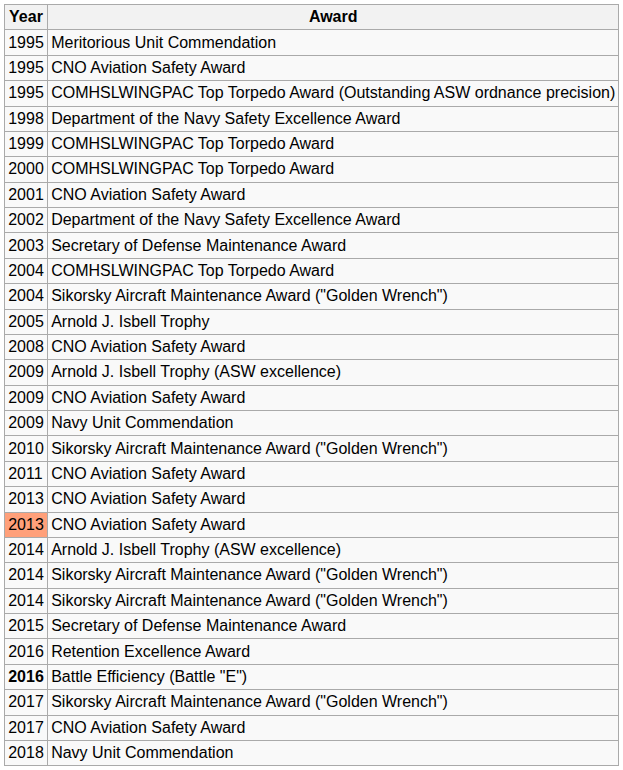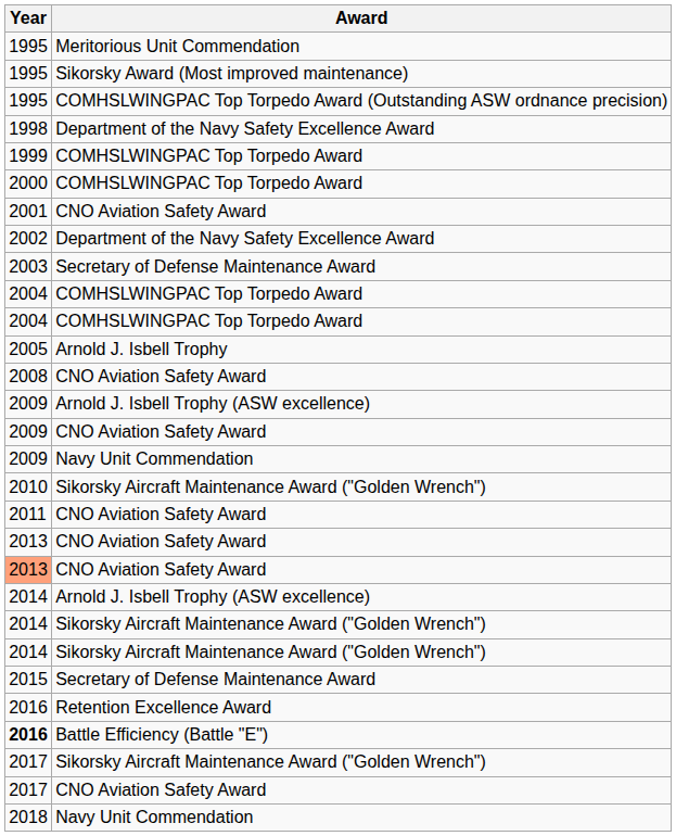 <table class="wikitable">
 <tr>
 <th>Year</th>
 <th>Award</th>
 </tr>
 <tr>
 <td>1995</td>
 <td>Meritorious Unit Commendation</td>
 </tr>
 <tr>
 <td>1995</td>
-<td>CNO Aviation Safety Award</td>
+<td>Sikorsky Award (Most improved maintenance)</td>
 </tr>
 <tr>
 <td>1995</td>
 <td>COMHSLWINGPAC Top Torpedo Award (Outstanding ASW ordnance precision)</td>
 </tr>
 <tr>
 <td>1998</td>
 <td>Department of the Navy Safety Excellence Award</td>
 </tr>
 <tr>
 <td>1999</td>
 <td>COMHSLWINGPAC Top Torpedo Award</td>
 </tr>
 <tr>
 <td>2000</td>
 <td>COMHSLWINGPAC Top Torpedo Award</td>
 </tr>
 <tr>
 <td>2001</td>
 <td>CNO Aviation Safety Award</td>
 </tr>
 <tr>
 <td>2002</td>
 <td>Department of the Navy Safety Excellence Award</td>
 </tr>
 <tr>
 <td>2003</td>
 <td>Secretary of Defense Maintenance Award</td>
 </tr>
 <tr>
 <td>2004</td>
 <td>COMHSLWINGPAC Top Torpedo Award</td>
 </tr>
 <tr>
 <td>2004</td>
-<td>Sikorsky Aircraft Maintenance Award ("Golden Wrench")</td>
+<td>COMHSLWINGPAC Top Torpedo Award</td>
 </tr>
 <tr>
 <td>2005</td>
 <td>Arnold J. Isbell Trophy</td>
 </tr>
 <tr>
 <td>2008</td>
 <td>CNO Aviation Safety Award</td>
 </tr>
 <tr>
 <td>2009</td>
 <td>Arnold J. Isbell Trophy (ASW excellence)</td>
 </tr>
 <tr>
 <td>2009</td>
 <td>CNO Aviation Safety Award</td>
 </tr>
 <tr>
 <td>2009</td>
 <td>Navy Unit Commendation</td>
 </tr>
 <tr>
 <td>2010</td>
 <td>Sikorsky Aircraft Maintenance Award ("Golden Wrench")</td>
 </tr>
 <tr>
 <td>2011</td>
 <td>CNO Aviation Safety Award</td>
 </tr>
 <tr>
 <td>2013</td>
 <td>CNO Aviation Safety Award</td>
 </tr>
 <tr>
 <td style="background: lightsalmon;">2013</td>
 <td>CNO Aviation Safety Award</td>
 </tr>
 <tr>
 <td>2014</td>
 <td>Arnold J. Isbell Trophy (ASW excellence)</td>
 </tr>
 <tr>
 <td>2014</td>
 <td>Sikorsky Aircraft Maintenance Award ("Golden Wrench")</td>
 </tr>
 <tr>
 <td>2014</td>
 <td>Sikorsky Aircraft Maintenance Award ("Golden Wrench")</td>
 </tr>
 <tr>
 <td>2015</td>
 <td>Secretary of Defense Maintenance Award</td>
 </tr>
 <tr>
 <td>2016</td>
 <td>Retention Excellence Award</td>
 </tr>
 <tr>
 <td><strong>2016</strong></td>
 <td>Battle Efficiency (Battle "E")</td>
 </tr>
 <tr>
 <td>2017</td>
 <td>Sikorsky Aircraft Maintenance Award ("Golden Wrench")</td>
 </tr>
 <tr>
 <td>2017</td>
 <td>CNO Aviation Safety Award</td>
 </tr>
 <tr>
 <td>2018</td>
 <td>Navy Unit Commendation</td>
 </tr>
 <tr>
 </tr>
 </table>
